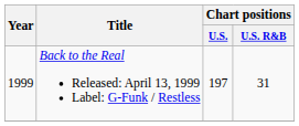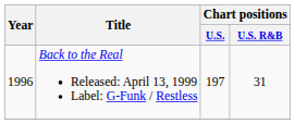 <table class="wikitable">
 <tr>
 <th rowspan="2">Year</th>
 <th rowspan="2">Title</th>
 <th colspan="2">Chart positions</th>
 </tr>
 <tr>
 <th><small><a href='#'>U.S.</a></small></th>
 <th><small><a href='#'>U.S. R&B</a></small></th>
 </tr>
 <tr>
-<td>1999</td>
+<td>1996</td>
 <td><em><a href='#'>Back to the Real</a></em><br><ul><li>Released: April 13, 1999</li><li>Label: <a href='#'>G-Funk</a> / <a href='#'>Restless</a></li></ul></td>
 <td align="center">197</td>
 <td align="center">31</td>
 </tr>
 <tr>
 </tr>
 </table>
